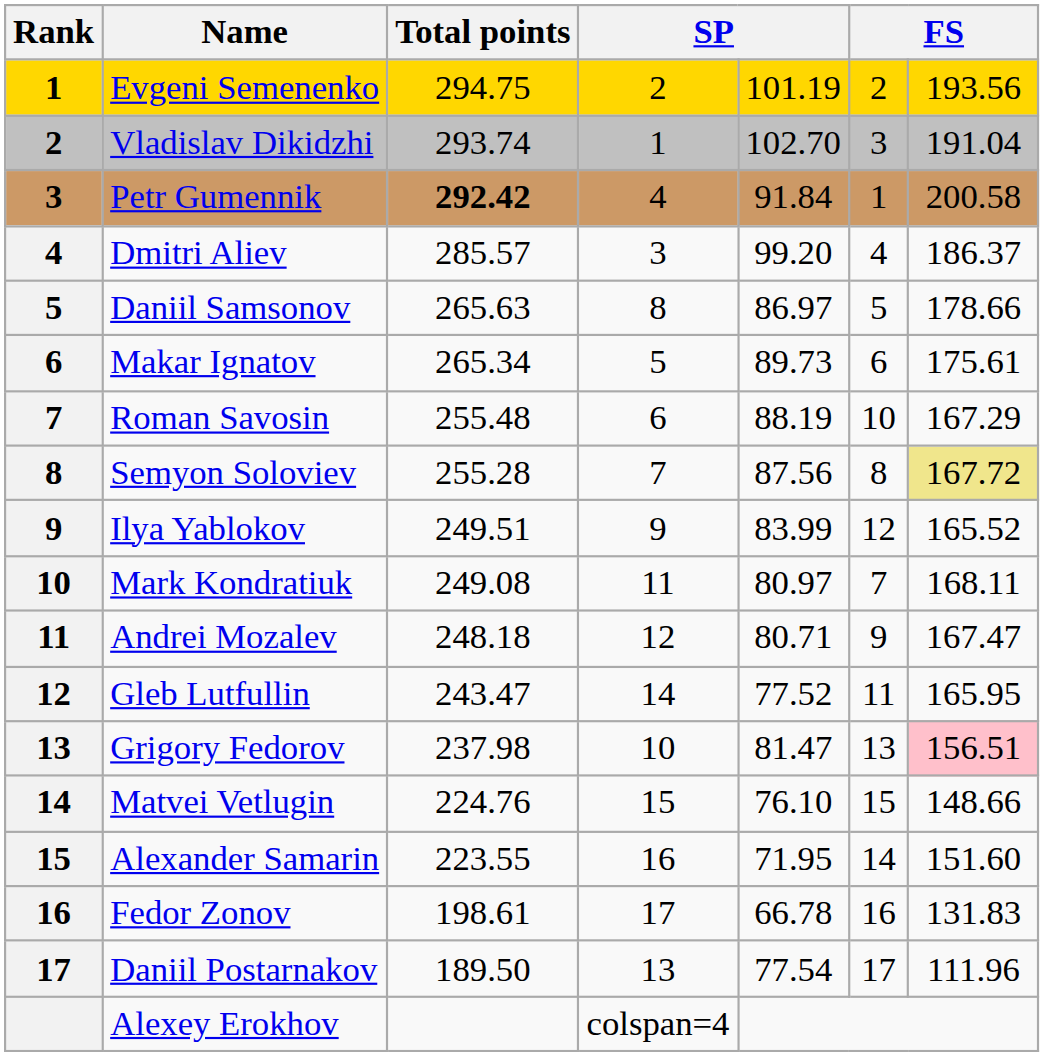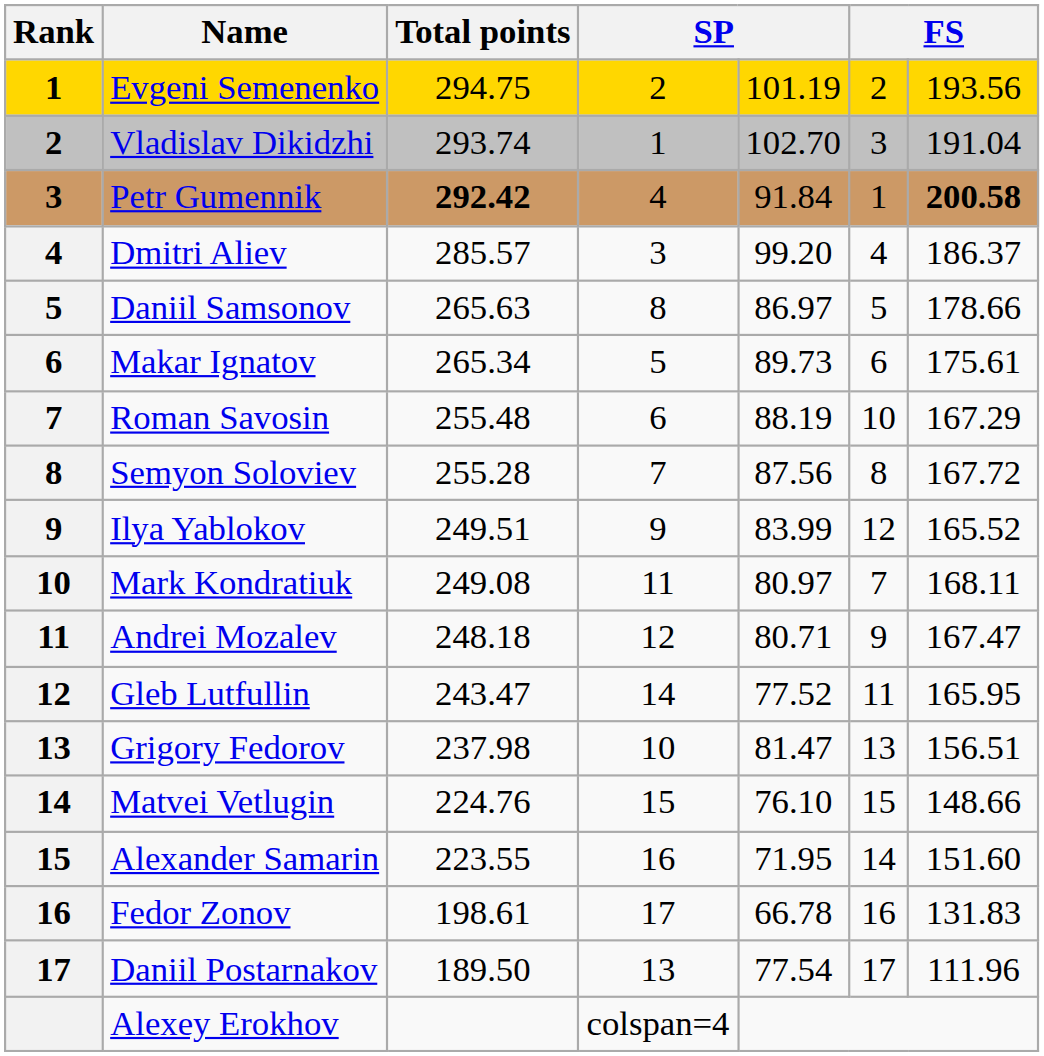 <table class="wikitable sortable">
 <tr>
 <th>Rank</th>
 <th>Name</th>
 <th>Total points</th>
 <th colspan="2" width="80px"><a href='#'>SP</a></th>
 <th colspan="2" width="80px"><a href='#'>FS</a></th>
 </tr>
 <tr bgcolor="gold">
 <td align="center"><strong>1</strong></td>
 <td><a href='#'>Evgeni Semenenko</a></td>
 <td align="center">294.75</td>
 <td align="center">2</td>
 <td align="center">101.19</td>
 <td align="center">2</td>
 <td align="center">193.56</td>
 </tr>
 <tr bgcolor="silver">
 <td align="center"><strong>2</strong></td>
 <td><a href='#'>Vladislav Dikidzhi</a></td>
 <td align="center">293.74</td>
 <td align="center">1</td>
 <td align="center">102.70</td>
 <td align="center">3</td>
 <td align="center">191.04</td>
 </tr>
 <tr bgcolor="cc9966">
 <td align="center"><strong>3</strong></td>
 <td><a href='#'>Petr Gumennik</a></td>
 <td align="center"><strong>292.42</strong></td>
 <td align="center">4</td>
 <td align="center">91.84</td>
 <td align="center">1</td>
-<td align="center">200.58</td>
+<td align="center"><strong>200.58</strong></td>
 </tr>
 <tr>
 <th>4</th>
 <td><a href='#'>Dmitri Aliev</a></td>
 <td align="center">285.57</td>
 <td align="center">3</td>
 <td align="center">99.20</td>
 <td align="center">4</td>
 <td align="center">186.37</td>
 </tr>
 <tr>
 <th>5</th>
 <td><a href='#'>Daniil Samsonov</a></td>
 <td align="center">265.63</td>
 <td align="center">8</td>
 <td align="center">86.97</td>
 <td align="center">5</td>
 <td align="center">178.66</td>
 </tr>
 <tr>
 <th>6</th>
 <td><a href='#'>Makar Ignatov</a></td>
 <td align="center">265.34</td>
 <td align="center">5</td>
 <td align="center">89.73</td>
 <td align="center">6</td>
 <td align="center">175.61</td>
 </tr>
 <tr>
 <th>7</th>
 <td><a href='#'>Roman Savosin</a></td>
 <td align="center">255.48</td>
 <td align="center">6</td>
 <td align="center">88.19</td>
 <td align="center">10</td>
 <td align="center">167.29</td>
 </tr>
 <tr>
 <th>8</th>
 <td><a href='#'>Semyon Soloviev</a></td>
 <td align="center">255.28</td>
 <td align="center">7</td>
 <td align="center">87.56</td>
 <td align="center">8</td>
-<td align="center" style="background: khaki;">167.72</td>
+<td align="center">167.72</td>
 </tr>
 <tr>
 <th>9</th>
 <td><a href='#'>Ilya Yablokov</a></td>
 <td align="center">249.51</td>
 <td align="center">9</td>
 <td align="center">83.99</td>
 <td align="center">12</td>
 <td align="center">165.52</td>
 </tr>
 <tr>
 <th>10</th>
 <td><a href='#'>Mark Kondratiuk</a></td>
 <td align="center">249.08</td>
 <td align="center">11</td>
 <td align="center">80.97</td>
 <td align="center">7</td>
 <td align="center">168.11</td>
 </tr>
 <tr>
 <th>11</th>
 <td><a href='#'>Andrei Mozalev</a></td>
 <td align="center">248.18</td>
 <td align="center">12</td>
 <td align="center">80.71</td>
 <td align="center">9</td>
 <td align="center">167.47</td>
 </tr>
 <tr>
 <th>12</th>
 <td><a href='#'>Gleb Lutfullin</a></td>
 <td align="center">243.47</td>
 <td align="center">14</td>
 <td align="center">77.52</td>
 <td align="center">11</td>
 <td align="center">165.95</td>
 </tr>
 <tr>
 <th>13</th>
 <td><a href='#'>Grigory Fedorov</a></td>
 <td align="center">237.98</td>
 <td align="center">10</td>
 <td align="center">81.47</td>
 <td align="center">13</td>
-<td align="center" style="background: pink;">156.51</td>
+<td align="center">156.51</td>
 </tr>
 <tr>
 <th>14</th>
 <td><a href='#'>Matvei Vetlugin</a></td>
 <td align="center">224.76</td>
 <td align="center">15</td>
 <td align="center">76.10</td>
 <td align="center">15</td>
 <td align="center">148.66</td>
 </tr>
 <tr>
 <th>15</th>
 <td><a href='#'>Alexander Samarin</a></td>
 <td align="center">223.55</td>
 <td align="center">16</td>
 <td align="center">71.95</td>
 <td align="center">14</td>
 <td align="center">151.60</td>
 </tr>
 <tr>
 <th>16</th>
 <td><a href='#'>Fedor Zonov</a></td>
 <td align="center">198.61</td>
 <td align="center">17</td>
 <td align="center">66.78</td>
 <td align="center">16</td>
 <td align="center">131.83</td>
 </tr>
 <tr>
 <th>17</th>
 <td><a href='#'>Daniil Postarnakov</a></td>
 <td align="center">189.50</td>
 <td align="center">13</td>
 <td align="center">77.54</td>
 <td align="center">17</td>
 <td align="center">111.96</td>
 </tr>
 <tr>
 <th></th>
 <td><a href='#'>Alexey Erokhov</a></td>
 <td></td>
 <td>colspan=4 </td>
 </tr>
 </table>
